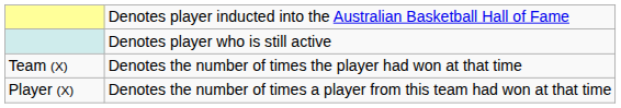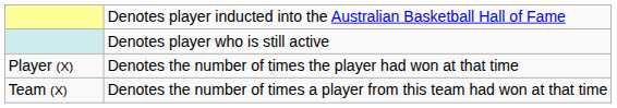 <table class="wikitable floatright">
 <tr>
 <td style="background-color:#FFFF99; border:1px solid #aaaaaa; width:6em"></td>
 <td>Denotes player inducted into the <a href='#'>Australian Basketball Hall of Fame</a></td>
 </tr>
 <tr>
 <td style="background-color:#CFECEC; border:1px solid #aaaaaa; width:6em"></td>
 <td>Denotes player who is still active</td>
 </tr>
 <tr>
-<td>Team <small>(X)</small></td>
+<td>Player <small>(X)</small></td>
 <td>Denotes the number of times the player had won at that time</td>
 </tr>
 <tr>
-<td>Player <small>(X)</small></td>
+<td>Team <small>(X)</small></td>
 <td>Denotes the number of times a player from this team had won at that time</td>
 </tr>
 </table>
